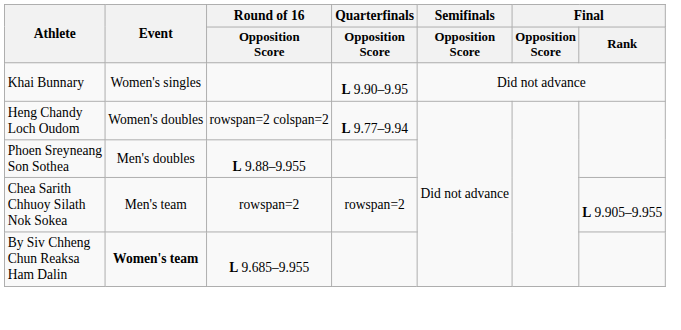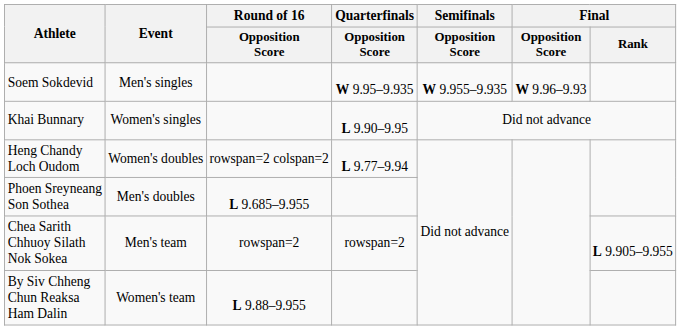 <table class="wikitable" style="font-size:90%">
 <tr>
 <th rowspan=2>Athlete</th>
 <th rowspan=2>Event</th>
 <th>Round of 16</th>
 <th>Quarterfinals</th>
 <th>Semifinals</th>
 <th colspan=2>Final</th>
 </tr>
 <tr style="font-size:95%">
 <th>Opposition<br>Score</th>
 <th>Opposition<br>Score</th>
 <th>Opposition<br>Score</th>
 <th>Opposition<br>Score</th>
 <th>Rank</th>
+</tr>
+<tr align=center>
+<td align=left>Soem Sokdevid</td>
+<td align=center>Men's singles</td>
+<td></td>
+<td><br><strong>W</strong> 9.95–9.935</td>
+<td><br><strong>W</strong> 9.955–9.935</td>
+<td><br><strong>W</strong> 9.96–9.93</td>
+<td></td>
 </tr>
 <tr align=center>
 <td align=left>Khai Bunnary</td>
 <td align=center>Women's singles</td>
 <td></td>
 <td><br><strong>L</strong> 9.90–9.95</td>
 <td colspan=3>Did not advance</td>
 </tr>
 <tr align=center>
 <td align=left>Heng Chandy<br>Loch Oudom</td>
 <td align=center>Women's doubles</td>
 <td>rowspan=2 colspan=2 </td>
 <td><br><strong>L</strong> 9.77–9.94</td>
 <td rowspan=4>Did not advance</td>
 <td rowspan=4></td>
 </tr>
 <tr align=center>
 <td align=left>Phoen Sreyneang<br>Son Sothea</td>
 <td align=center>Men's doubles</td>
-<td><br><strong>L</strong> 9.88–9.955</td>
+<td><br><strong>L</strong> 9.685–9.955</td>
 </tr>
 <tr align=center>
 <td align=left>Chea Sarith<br>Chhuoy Silath<br>Nok Sokea</td>
 <td align=center>Men's team</td>
 <td>rowspan=2 </td>
 <td>rowspan=2 </td>
 <td><br><strong>L</strong> 9.905–9.955</td>
 </tr>
 <tr align=center>
 <td align=left>By Siv Chheng<br>Chun Reaksa<br>Ham Dalin</td>
-<td align=center><strong>Women's team</strong></td>
-<td><br><strong>L</strong> 9.685–9.955</td>
+<td align=center>Women's team</td>
+<td><br><strong>L</strong> 9.88–9.955</td>
 </tr>
 </table>
